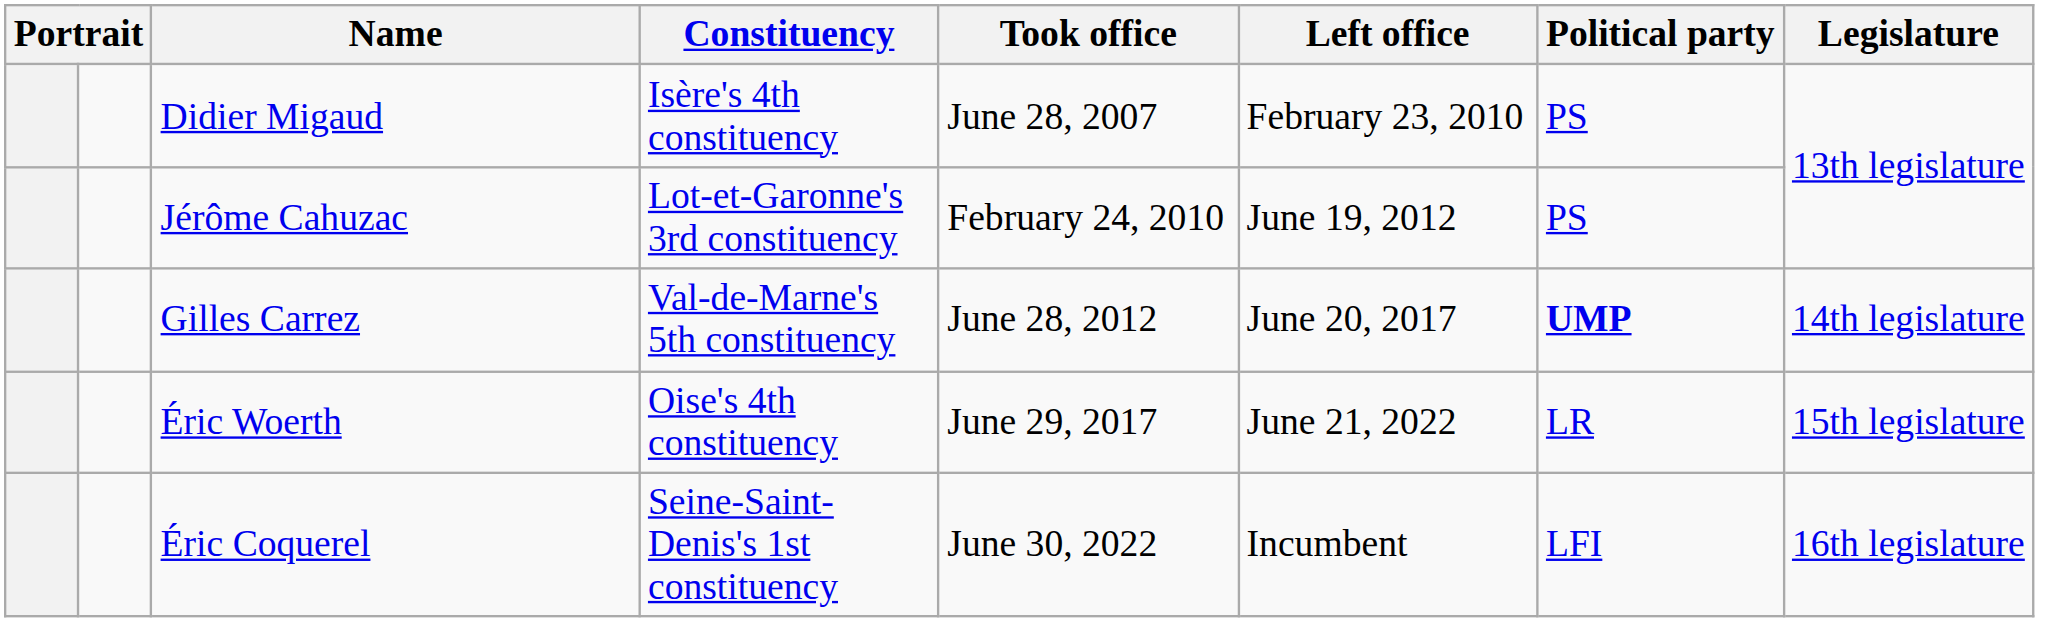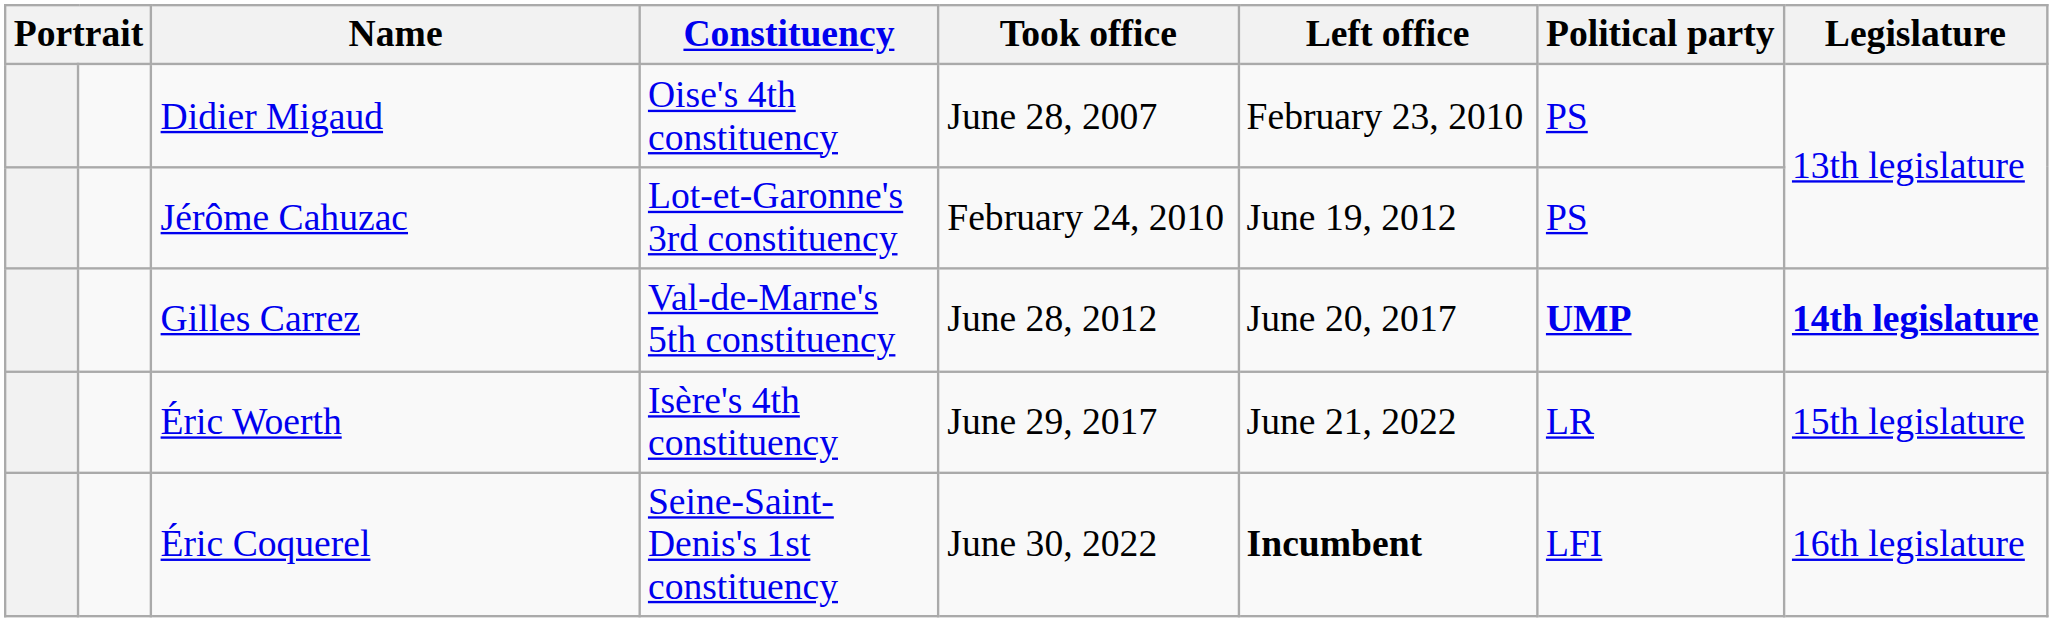 <table class="wikitable">
 <tr>
 <th colspan=2>Portrait</th>
 <th width=200>Name</th>
 <th width=120><a href='#'>Constituency</a></th>
 <th width=120>Took office</th>
 <th width=120>Left office</th>
 <th>Political party</th>
 <th>Legislature</th>
 </tr>
 <tr>
 <th style="background:"></th>
 <td></td>
 <td><a href='#'>Didier Migaud</a></td>
-<td><a href='#'>Isère's 4th constituency</a></td>
+<td><a href='#'>Oise's 4th constituency</a></td>
 <td>June 28, 2007</td>
 <td>February 23, 2010</td>
 <td><a href='#'>PS</a></td>
 <td rowspan=2><a href='#'>13th legislature</a></td>
 </tr>
 <tr>
 <th style="background:"></th>
 <td></td>
 <td><a href='#'>Jérôme Cahuzac</a></td>
 <td><a href='#'>Lot-et-Garonne's 3rd constituency</a></td>
 <td>February 24, 2010</td>
 <td>June 19, 2012</td>
 <td><a href='#'>PS</a></td>
 </tr>
 <tr>
 <th style="background:"></th>
 <td></td>
 <td><a href='#'>Gilles Carrez</a></td>
 <td><a href='#'>Val-de-Marne's 5th constituency</a></td>
 <td>June 28, 2012</td>
 <td>June 20, 2017</td>
 <td><strong><a href='#'>UMP</a></strong></td>
-<td><a href='#'>14th legislature</a></td>
+<td><strong><a href='#'>14th legislature</a></strong></td>
 </tr>
 <tr>
 <th style="background:"></th>
 <td></td>
 <td><a href='#'>Éric Woerth</a></td>
-<td><a href='#'>Oise's 4th constituency</a></td>
+<td><a href='#'>Isère's 4th constituency</a></td>
 <td>June 29, 2017</td>
 <td>June 21, 2022</td>
 <td><a href='#'>LR</a></td>
 <td><a href='#'>15th legislature</a></td>
 </tr>
 <tr>
 <th style="background:"></th>
 <td></td>
 <td><a href='#'>Éric Coquerel</a></td>
 <td><a href='#'>Seine-Saint-Denis's 1st constituency</a></td>
 <td>June 30, 2022</td>
-<td>Incumbent</td>
+<td><strong>Incumbent</strong></td>
 <td><a href='#'>LFI</a></td>
 <td><a href='#'>16th legislature</a></td>
 </tr>
 </table>
